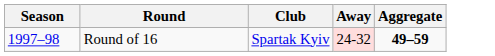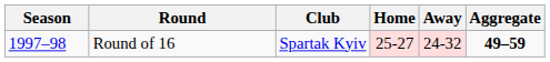 <table class="wikitable">
 <tr>
 <th width=75>Season</th>
 <th width=175>Round</th>
 <th>Club</th>
+<th>Home</th>
 <th>Away</th>
 <th>Aggregate</th>
 </tr>
 <tr>
 <td rowspan=1><a href='#'>1997–98</a></td>
 <td>Round of 16</td>
 <td> <a href='#'>Spartak Kyiv</a></td>
+<td style="text-align:center; background:#fdd;">25-27</td>
 <td style="text-align:center; background:#fdd;">24-32</td>
 <td style="text-align:center;"><strong>49–59</strong></td>
 </tr>
 </table>
